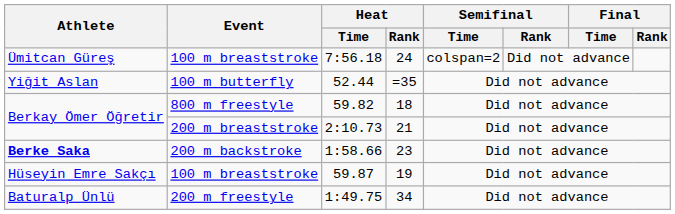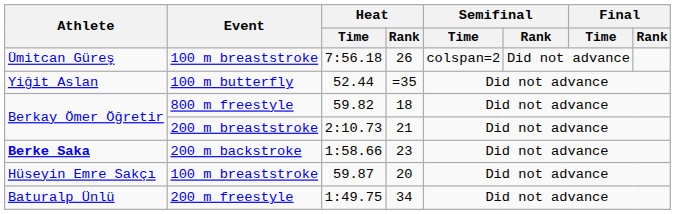 <table class=wikitable style="font-size:90%">
 <tr>
 <th rowspan="2">Athlete</th>
 <th rowspan="2">Event</th>
 <th colspan="2">Heat</th>
 <th colspan="2">Semifinal</th>
 <th colspan="2">Final</th>
 </tr>
 <tr style="font-size:95%">
 <th>Time</th>
 <th>Rank</th>
 <th>Time</th>
 <th>Rank</th>
 <th>Time</th>
 <th>Rank</th>
 </tr>
 <tr align=center>
 <td align=left><a href='#'>Ümitcan Güreş</a></td>
 <td align=left><a href='#'>100 m breaststroke</a></td>
 <td>7:56.18</td>
-<td>24</td>
+<td>26</td>
 <td>colspan=2 </td>
 <td colspan="2">Did not advance</td>
 </tr>
 <tr align=center>
 <td align=left><a href='#'>Yiğit Aslan</a></td>
 <td align=left><a href='#'>100 m butterfly</a></td>
 <td>52.44</td>
 <td>=35</td>
 <td colspan="4">Did not advance</td>
 </tr>
 <tr align=center>
 <td align=left rowspan=2><a href='#'>Berkay Ömer Öğretir</a></td>
 <td align=left><a href='#'>800 m freestyle</a></td>
 <td>59.82</td>
 <td>18</td>
 <td colspan="4">Did not advance</td>
 </tr>
 <tr align=center>
 <td align=left><a href='#'>200 m breaststroke</a></td>
 <td>2:10.73</td>
 <td>21</td>
 <td colspan="4">Did not advance</td>
 </tr>
 <tr align=center>
 <td align=left><strong><a href='#'>Berke Saka</a></strong></td>
 <td align=left><a href='#'>200 m backstroke</a></td>
 <td>1:58.66</td>
 <td>23</td>
 <td colspan="4">Did not advance</td>
 </tr>
 <tr align=center>
 <td align=left><a href='#'>Hüseyin Emre Sakçı</a></td>
 <td align=left><a href='#'>100 m breaststroke</a></td>
 <td>59.87</td>
-<td>19</td>
+<td>20</td>
 <td colspan="4">Did not advance</td>
 </tr>
 <tr align=center>
 <td align=left><a href='#'>Baturalp Ünlü</a></td>
 <td align=left><a href='#'>200 m freestyle</a></td>
 <td>1:49.75</td>
 <td>34</td>
 <td colspan="4">Did not advance</td>
 </tr>
 </table>
